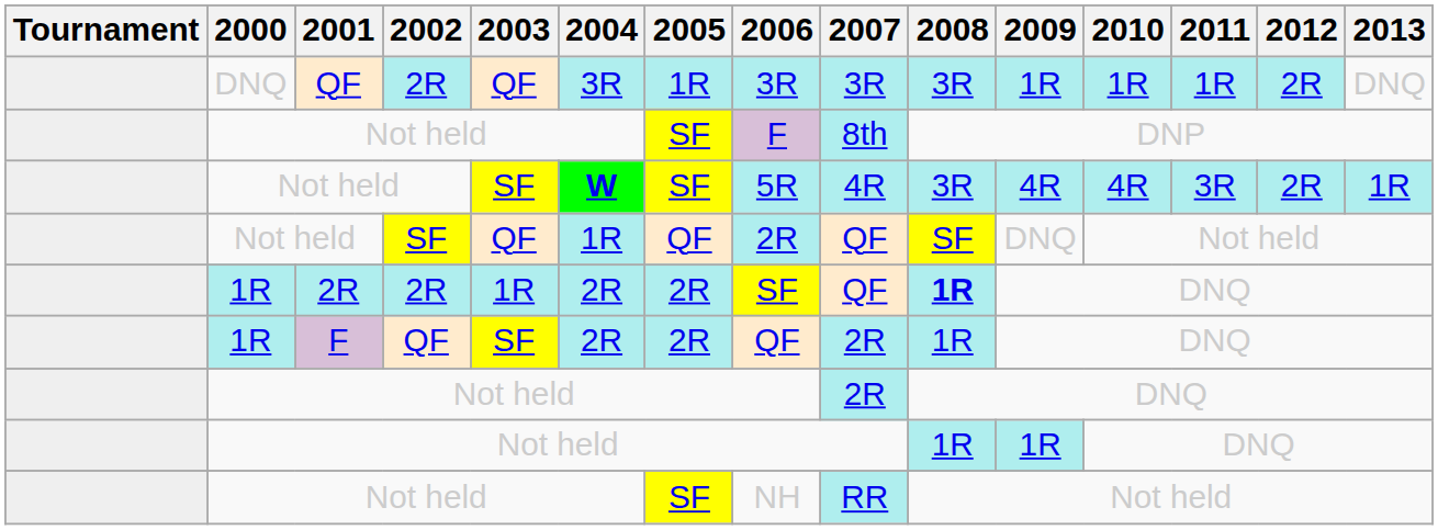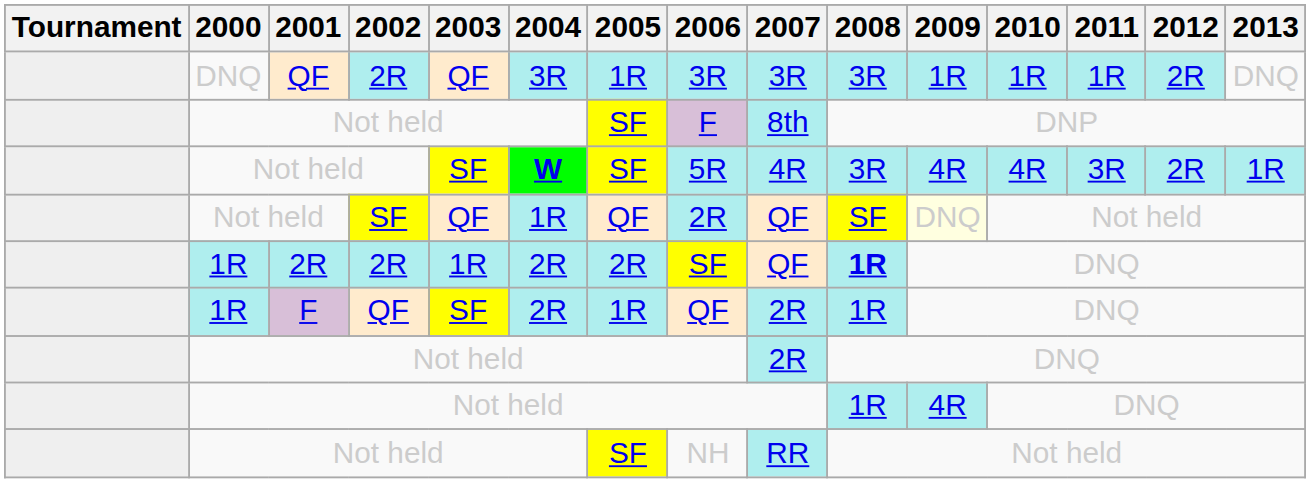 <table class="wikitable" style="width:50%; margin:0">
 <tr>
 <th>Tournament</th>
 <th>2000</th>
 <th>2001</th>
 <th>2002</th>
 <th>2003</th>
 <th>2004</th>
 <th>2005</th>
 <th>2006</th>
 <th>2007</th>
 <th>2008</th>
 <th>2009</th>
 <th>2010</th>
 <th>2011</th>
 <th>2012</th>
 <th>2013</th>
 </tr>
 <tr>
 <td style="background:#efefef;"></td>
 <td style="text-align:center; color:#ccc;">DNQ</td>
 <td style="text-align:center; background:#ffebcd;"><a href='#'>QF</a></td>
 <td style="text-align:center; background:#afeeee;"><a href='#'>2R</a></td>
 <td style="text-align:center; background:#ffebcd;"><a href='#'>QF</a></td>
 <td style="text-align:center; background:#afeeee;"><a href='#'>3R</a></td>
 <td style="text-align:center; background:#afeeee;"><a href='#'>1R</a></td>
 <td style="text-align:center; background:#afeeee;"><a href='#'>3R</a></td>
 <td style="text-align:center; background:#afeeee;"><a href='#'>3R</a></td>
 <td style="text-align:center; background:#afeeee;"><a href='#'>3R</a></td>
 <td style="text-align:center; background:#afeeee;"><a href='#'>1R</a></td>
 <td style="text-align:center; background:#afeeee;"><a href='#'>1R</a></td>
 <td style="text-align:center; background:#afeeee;"><a href='#'>1R</a></td>
 <td style="text-align:center; background:#afeeee;"><a href='#'>2R</a></td>
 <td style="text-align:center; color:#ccc;">DNQ</td>
 </tr>
 <tr>
 <td style="background:#efefef;"></td>
 <td colspan="5" style="text-align:center; color:#ccc;">Not held</td>
 <td style="text-align:center; background:yellow;"><a href='#'>SF</a></td>
 <td style="text-align:center; background:thistle;"><a href='#'>F</a></td>
 <td style="text-align:center; background:#afeeee;"><a href='#'>8th</a></td>
 <td colspan="8" style="text-align:center; color:#ccc;">DNP</td>
 </tr>
 <tr>
 <td style="background:#efefef;"></td>
 <td colspan="3" style="text-align:center; color:#ccc;">Not held</td>
 <td style="text-align:center; background:yellow;"><a href='#'>SF</a></td>
 <td style="text-align:center; background:lime;"><strong><a href='#'>W</a></strong></td>
 <td style="text-align:center; background:yellow;"><a href='#'>SF</a></td>
 <td style="text-align:center; background:#afeeee;"><a href='#'>5R</a></td>
 <td style="text-align:center; background:#afeeee;"><a href='#'>4R</a></td>
 <td style="text-align:center; background:#afeeee;"><a href='#'>3R</a></td>
 <td style="text-align:center; background:#afeeee;"><a href='#'>4R</a></td>
 <td style="text-align:center; background:#afeeee;"><a href='#'>4R</a></td>
 <td style="text-align:center; background:#afeeee;"><a href='#'>3R</a></td>
 <td style="text-align:center; background:#afeeee;"><a href='#'>2R</a></td>
 <td style="text-align:center; background:#afeeee;"><a href='#'>1R</a></td>
 </tr>
 <tr>
 <td style="background:#efefef;"></td>
 <td colspan="2" style="text-align:center; color:#ccc;">Not held</td>
 <td style="text-align:center; background:yellow;"><a href='#'>SF</a></td>
 <td style="text-align:center; background:#ffebcd;"><a href='#'>QF</a></td>
 <td style="text-align:center; background:#afeeee;"><a href='#'>1R</a></td>
 <td style="text-align:center; background:#ffebcd;"><a href='#'>QF</a></td>
 <td style="text-align:center; background:#afeeee;"><a href='#'>2R</a></td>
 <td style="text-align:center; background:#ffebcd;"><a href='#'>QF</a></td>
 <td style="text-align:center; background:yellow;"><a href='#'>SF</a></td>
-<td style="text-align:center; color:#ccc;">DNQ</td>
+<td style="background: lightyellow; text-align:center; color:#ccc;">DNQ</td>
 <td colspan="4" style="text-align:center; color:#ccc;">Not held</td>
 </tr>
 <tr>
 <td style="background:#efefef;"></td>
 <td style="text-align:center; background:#afeeee;"><a href='#'>1R</a></td>
 <td style="text-align:center; background:#afeeee;"><a href='#'>2R</a></td>
 <td style="text-align:center; background:#afeeee;"><a href='#'>2R</a></td>
 <td style="text-align:center; background:#afeeee;"><a href='#'>1R</a></td>
 <td style="text-align:center; background:#afeeee;"><a href='#'>2R</a></td>
 <td style="text-align:center; background:#afeeee;"><a href='#'>2R</a></td>
 <td style="text-align:center; background:yellow;"><a href='#'>SF</a></td>
 <td style="text-align:center; background:#ffebcd;"><a href='#'>QF</a></td>
 <td style="text-align:center; background:#afeeee;"><strong><a href='#'>1R</a></strong></td>
 <td colspan="5" style="text-align:center; color:#ccc;">DNQ</td>
 </tr>
 <tr>
 <td style="background:#efefef;"></td>
 <td style="text-align:center; background:#afeeee;"><a href='#'>1R</a></td>
 <td style="text-align:center; background:thistle;"><a href='#'>F</a></td>
 <td style="text-align:center; background:#ffebcd;"><a href='#'>QF</a></td>
 <td style="text-align:center; background:yellow;"><a href='#'>SF</a></td>
 <td style="text-align:center; background:#afeeee;"><a href='#'>2R</a></td>
-<td style="text-align:center; background:#afeeee;"><a href='#'>2R</a></td>
+<td style="text-align:center; background:#afeeee;"><a href='#'>1R</a></td>
 <td style="text-align:center; background:#ffebcd;"><a href='#'>QF</a></td>
 <td style="text-align:center; background:#afeeee;"><a href='#'>2R</a></td>
 <td style="text-align:center; background:#afeeee;"><a href='#'>1R</a></td>
 <td colspan="5" style="text-align:center; color:#ccc;">DNQ</td>
 </tr>
 <tr>
 <td style="background:#efefef;"></td>
 <td colspan="7" style="text-align:center; color:#ccc;">Not held</td>
 <td style="text-align:center; background:#afeeee;"><a href='#'>2R</a></td>
 <td colspan="9" style="text-align:center; color:#ccc;">DNQ</td>
 </tr>
 <tr>
 <td style="background:#efefef;"></td>
 <td colspan="8" style="text-align:center; color:#ccc;">Not held</td>
 <td style="text-align:center; background:#afeeee;"><a href='#'>1R</a></td>
-<td style="text-align:center; background:#afeeee;"><a href='#'>1R</a></td>
+<td style="text-align:center; background:#afeeee;"><a href='#'>4R</a></td>
 <td colspan="5" style="text-align:center; color:#ccc;">DNQ</td>
 </tr>
 <tr>
 <td style="background:#efefef;"></td>
 <td colspan="5" style="text-align:center; color:#ccc;">Not held</td>
 <td style="text-align:center; background:yellow;"><a href='#'>SF</a></td>
 <td style="text-align:center; color:#ccc;">NH</td>
 <td style="text-align:center; background:#afeeee;"><a href='#'>RR</a></td>
 <td colspan="6" style="text-align:center; color:#ccc;">Not held</td>
 </tr>
 </table>
